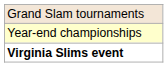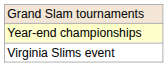 <table class=wikitable  style=font-size:85%;width:20%>
 <tr bgcolor=#F3E6D7>
 <td>Grand Slam tournaments</td>
 </tr>
 <tr bgcolor=#ffffcc>
 <td>Year-end championships</td>
 </tr>
 <tr bgcolor=#FFFFFF>
-<td><strong>Virginia Slims event</strong></td>
+<td>Virginia Slims event</td>
 </tr>
 </table>
